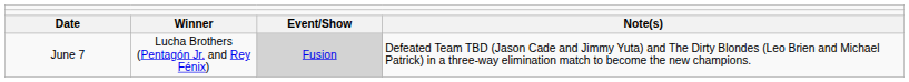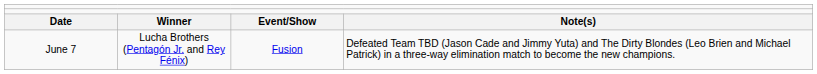 <table class="wikitable" style="text-align:center; width:100%;">
 <tr>
 <td colspan="5"></td>
 </tr>
 <tr>
 <td colspan="5"><strong></strong></td>
 </tr>
 <tr>
 <th width=14%>Date</th>
 <th width=14%>Winner</th>
 <th width=14%>Event/Show</th>
 <th width=58%>Note(s)</th>
 </tr>
 <tr>
 <td>June 7<br></td>
 <td>Lucha Brothers (<a href='#'>Pentagón Jr.</a> and <a href='#'>Rey Fénix</a>)</td>
-<td style="background: lightgrey;"><a href='#'>Fusion</a></td>
+<td><a href='#'>Fusion</a></td>
 <td align=left>Defeated Team TBD (Jason Cade and Jimmy Yuta) and The Dirty Blondes (Leo Brien and Michael Patrick) in a three-way elimination match to become the new champions.</td>
 </tr>
 </table>
